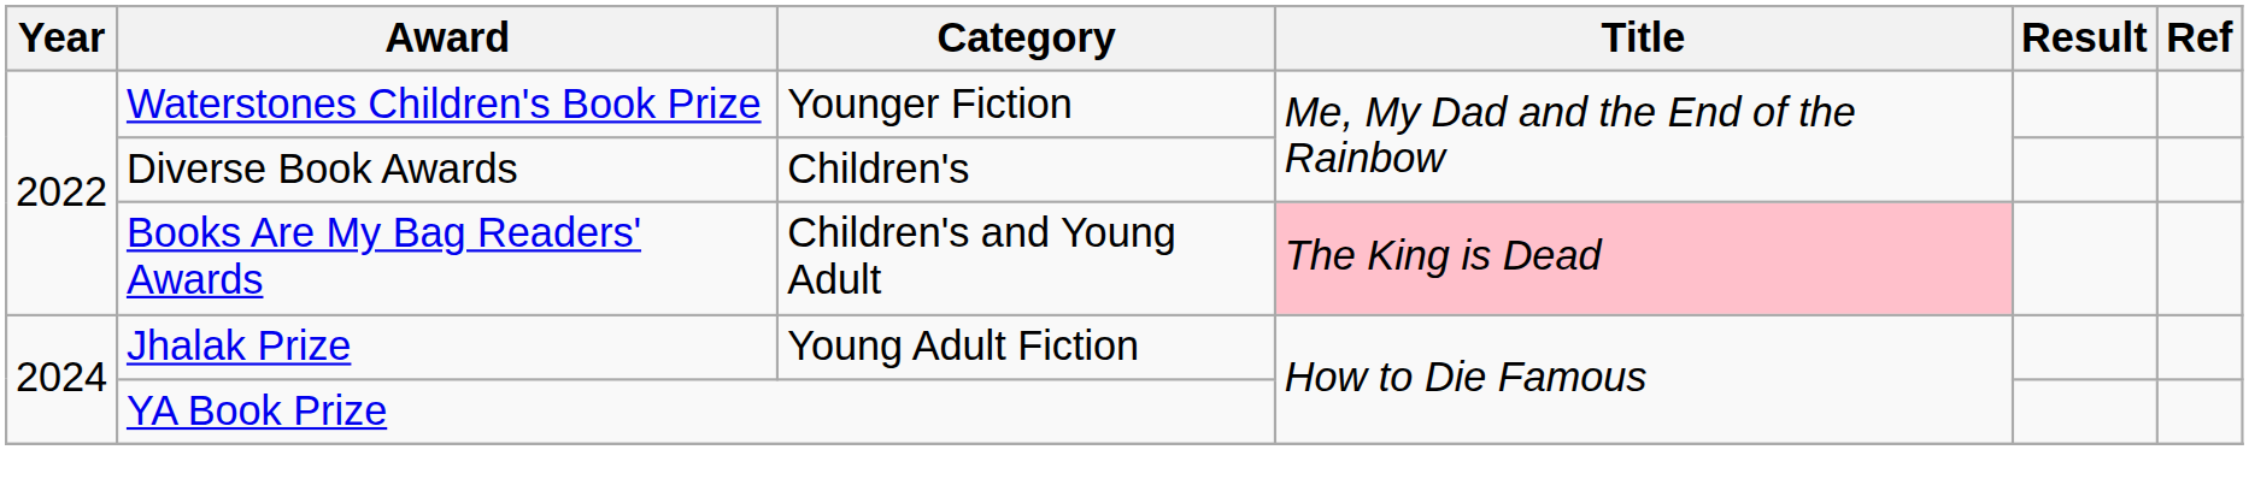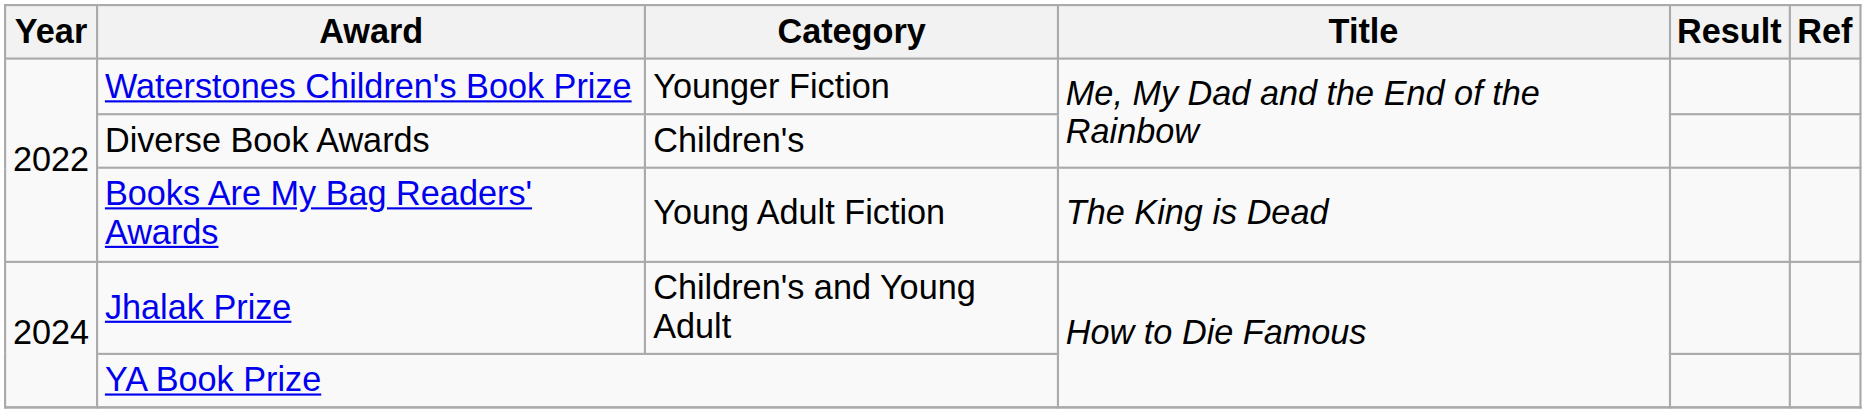 <table class="wikitable sortable">
 <tr>
 <th>Year</th>
 <th>Award</th>
 <th>Category</th>
 <th>Title</th>
 <th>Result</th>
 <th>Ref</th>
 </tr>
 <tr>
 <td rowspan="3">2022</td>
 <td><a href='#'>Waterstones Children's Book Prize</a></td>
 <td>Younger Fiction</td>
 <td rowspan="2"><em>Me, My Dad and the End of the Rainbow</em></td>
 <td></td>
 <td></td>
 </tr>
 <tr>
 <td>Diverse Book Awards</td>
 <td>Children's</td>
 <td></td>
 <td></td>
 </tr>
 <tr>
 <td><a href='#'>Books Are My Bag Readers' Awards</a></td>
-<td>Children's and Young Adult</td>
-<td style="background: pink;"><em>The King is Dead</em></td>
+<td>Young Adult Fiction</td>
+<td><em>The King is Dead</em></td>
 <td></td>
 <td></td>
 </tr>
 <tr>
 <td rowspan="2">2024</td>
 <td><a href='#'>Jhalak Prize</a></td>
-<td>Young Adult Fiction</td>
+<td>Children's and Young Adult</td>
 <td rowspan="2"><em>How to Die Famous</em></td>
 <td></td>
 <td></td>
 </tr>
 <tr>
 <td colspan="2"><a href='#'>YA Book Prize</a></td>
 <td></td>
 <td></td>
 </tr>
 <tr>
 </tr>
 </table>
